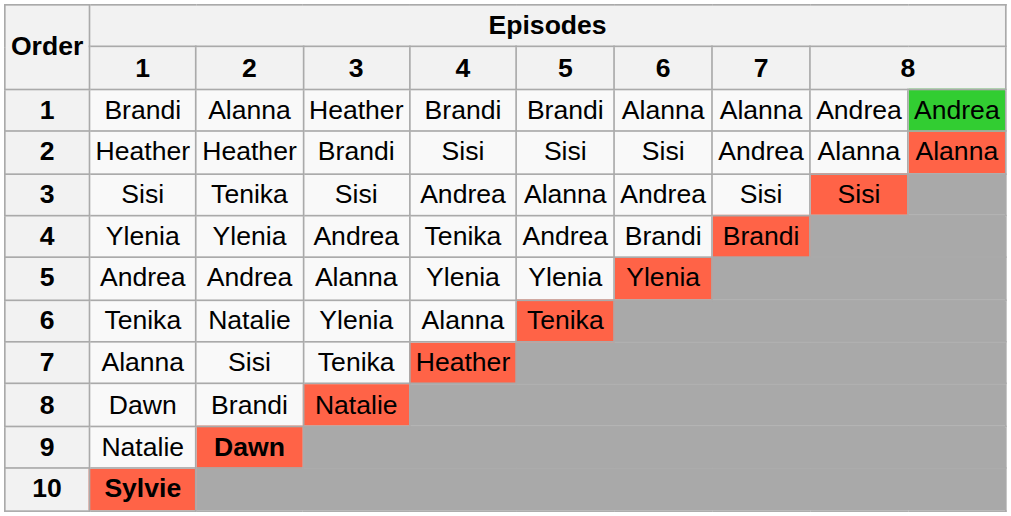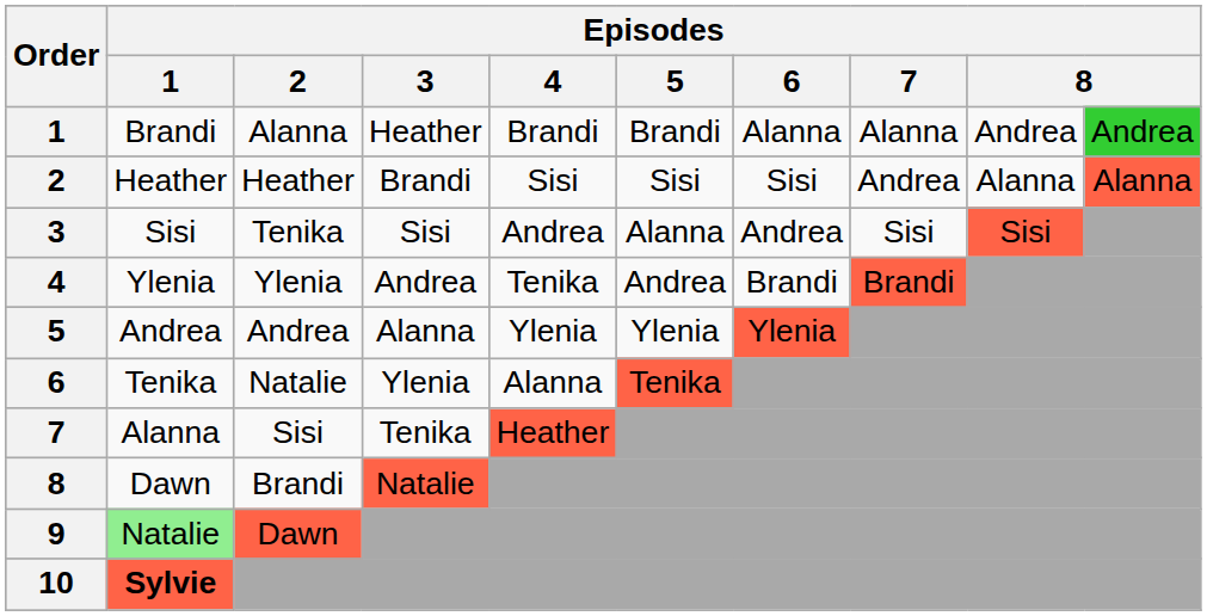 <table class="wikitable" style="text-align:center">
 <tr>
 <th rowspan=2>Order</th>
 <th colspan=14>Episodes</th>
 </tr>
 <tr>
 <th>1</th>
 <th>2</th>
 <th>3</th>
 <th>4</th>
 <th>5</th>
 <th>6</th>
 <th>7</th>
 <th colspan="2">8</th>
 </tr>
 <tr>
 <th>1</th>
 <td>Brandi</td>
 <td>Alanna</td>
 <td>Heather</td>
 <td>Brandi</td>
 <td>Brandi</td>
 <td>Alanna</td>
 <td>Alanna</td>
 <td>Andrea</td>
 <td bgcolor="limegreen">Andrea</td>
 </tr>
 <tr>
 <th>2</th>
 <td>Heather</td>
 <td>Heather</td>
 <td>Brandi</td>
 <td>Sisi</td>
 <td>Sisi</td>
 <td>Sisi</td>
 <td>Andrea</td>
 <td>Alanna</td>
 <td bgcolor="tomato">Alanna</td>
 </tr>
 <tr>
 <th>3</th>
 <td>Sisi</td>
 <td>Tenika</td>
 <td>Sisi</td>
 <td>Andrea</td>
 <td>Alanna</td>
 <td>Andrea</td>
 <td>Sisi</td>
 <td bgcolor="tomato">Sisi</td>
 <td colspan="1" bgcolor="darkgray"></td>
 </tr>
 <tr>
 <th>4</th>
 <td>Ylenia</td>
 <td>Ylenia</td>
 <td>Andrea</td>
 <td>Tenika</td>
 <td>Andrea</td>
 <td>Brandi</td>
 <td bgcolor="tomato">Brandi</td>
 <td colspan="2" bgcolor="darkgray"></td>
 </tr>
 <tr>
 <th>5</th>
 <td>Andrea</td>
 <td>Andrea</td>
 <td>Alanna</td>
 <td>Ylenia</td>
 <td>Ylenia</td>
 <td bgcolor="tomato">Ylenia</td>
 <td colspan="3" bgcolor="darkgray"></td>
 </tr>
 <tr>
 <th>6</th>
 <td>Tenika</td>
 <td>Natalie</td>
 <td>Ylenia</td>
 <td>Alanna</td>
 <td bgcolor="tomato">Tenika</td>
 <td colspan="4" bgcolor="darkgray"></td>
 </tr>
 <tr>
 <th>7</th>
 <td>Alanna</td>
 <td>Sisi</td>
 <td>Tenika</td>
 <td bgcolor="tomato">Heather</td>
 <td colspan="5" bgcolor="darkgray"></td>
 </tr>
 <tr>
 <th>8</th>
 <td>Dawn</td>
 <td>Brandi</td>
 <td bgcolor="tomato">Natalie</td>
 <td colspan="6" bgcolor="darkgray"></td>
 </tr>
 <tr>
 <th>9</th>
-<td>Natalie</td>
-<td bgcolor="tomato"><strong>Dawn</strong></td>
+<td style="background: lightgreen;">Natalie</td>
+<td bgcolor="tomato">Dawn</td>
 <td colspan="7" bgcolor="darkgray"></td>
 </tr>
 <tr>
 <th>10</th>
 <td bgcolor="tomato"><strong>Sylvie</strong></td>
 <td colspan="8" bgcolor="darkgray"></td>
 </tr>
 </table>
